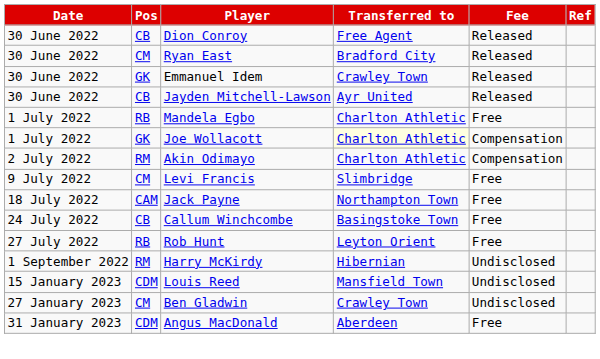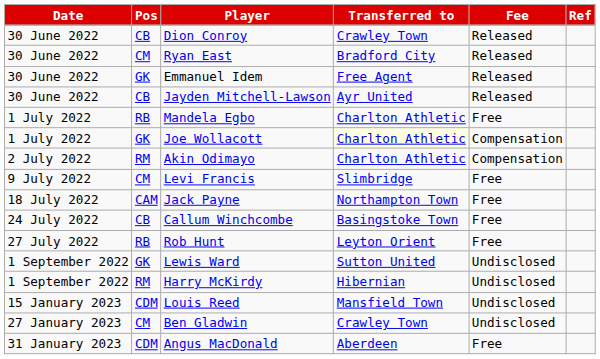 <table class="wikitable plainrowheaders sortable">
 <tr>
 <th style="background:#dd0000; color:#FFFFFF; ">Date</th>
 <th style="background:#dd0000; color:#FFFFFF; ">Pos</th>
 <th style="background:#dd0000; color:#FFFFFF; ">Player</th>
 <th style="background:#dd0000; color:#FFFFFF; ">Transferred to</th>
 <th style="background:#dd0000; color:#FFFFFF; ">Fee</th>
 <th style="background:#dd0000; color:#FFFFFF; ">Ref</th>
 </tr>
 <tr>
 <td>30 June 2022</td>
 <td><a href='#'>CB</a></td>
 <td> <a href='#'>Dion Conroy</a></td>
-<td> <a href='#'>Free Agent</a></td>
+<td> <a href='#'>Crawley Town</a></td>
 <td>Released</td>
 <td></td>
 </tr>
 <tr>
 <td>30 June 2022</td>
 <td><a href='#'>CM</a></td>
 <td> <a href='#'>Ryan East</a></td>
 <td> <a href='#'>Bradford City</a></td>
 <td>Released</td>
 <td></td>
 </tr>
 <tr>
 <td>30 June 2022</td>
 <td><a href='#'>GK</a></td>
 <td> Emmanuel Idem</td>
-<td> <a href='#'>Crawley Town</a></td>
+<td> <a href='#'>Free Agent</a></td>
 <td>Released</td>
 <td></td>
 </tr>
 <tr>
 <td>30 June 2022</td>
 <td><a href='#'>CB</a></td>
 <td> <a href='#'>Jayden Mitchell-Lawson</a></td>
 <td> <a href='#'>Ayr United</a></td>
 <td>Released</td>
 <td></td>
 </tr>
 <tr>
 <td>1 July 2022</td>
 <td><a href='#'>RB</a></td>
 <td> <a href='#'>Mandela Egbo</a></td>
 <td> <a href='#'>Charlton Athletic</a></td>
 <td>Free</td>
 <td></td>
 </tr>
 <tr>
 <td>1 July 2022</td>
 <td><a href='#'>GK</a></td>
 <td> <a href='#'>Joe Wollacott</a></td>
 <td style="background: lightyellow;"> <a href='#'>Charlton Athletic</a></td>
 <td>Compensation</td>
 <td></td>
 </tr>
 <tr>
 <td>2 July 2022</td>
 <td><a href='#'>RM</a></td>
 <td> <a href='#'>Akin Odimayo</a></td>
 <td> <a href='#'>Charlton Athletic</a></td>
 <td>Compensation</td>
 <td></td>
 </tr>
 <tr>
 <td>9 July 2022</td>
 <td><a href='#'>CM</a></td>
 <td> <a href='#'>Levi Francis</a></td>
 <td> <a href='#'>Slimbridge</a></td>
 <td>Free</td>
 <td></td>
 </tr>
 <tr>
 <td>18 July 2022</td>
 <td><a href='#'>CAM</a></td>
 <td> <a href='#'>Jack Payne</a></td>
 <td> <a href='#'>Northampton Town</a></td>
 <td>Free</td>
 <td></td>
 </tr>
 <tr>
 <td>24 July 2022</td>
 <td><a href='#'>CB</a></td>
 <td> <a href='#'>Callum Winchcombe</a></td>
 <td> <a href='#'>Basingstoke Town</a></td>
 <td>Free</td>
 <td></td>
 </tr>
 <tr>
 <td>27 July 2022</td>
 <td><a href='#'>RB</a></td>
 <td> <a href='#'>Rob Hunt</a></td>
 <td> <a href='#'>Leyton Orient</a></td>
 <td>Free</td>
 <td></td>
 </tr>
 <tr>
 <td>1 September 2022</td>
+<td><a href='#'>GK</a></td>
+<td> <a href='#'>Lewis Ward</a></td>
+<td> <a href='#'>Sutton United</a></td>
+<td>Undisclosed</td>
+<td></td>
+</tr>
+<tr>
+<td>1 September 2022</td>
 <td><a href='#'>RM</a></td>
 <td> <a href='#'>Harry McKirdy</a></td>
 <td> <a href='#'>Hibernian</a></td>
 <td>Undisclosed</td>
 <td></td>
 </tr>
 <tr>
 <td>15 January 2023</td>
 <td><a href='#'>CDM</a></td>
 <td> <a href='#'>Louis Reed</a></td>
 <td> <a href='#'>Mansfield Town</a></td>
 <td>Undisclosed</td>
 <td></td>
 </tr>
 <tr>
 <td>27 January 2023</td>
 <td><a href='#'>CM</a></td>
 <td> <a href='#'>Ben Gladwin</a></td>
 <td> <a href='#'>Crawley Town</a></td>
 <td>Undisclosed</td>
 <td></td>
 </tr>
 <tr>
 <td>31 January 2023</td>
 <td><a href='#'>CDM</a></td>
 <td> <a href='#'>Angus MacDonald</a></td>
 <td>  <a href='#'>Aberdeen</a></td>
 <td>Free</td>
 <td></td>
 </tr>
 </table>
